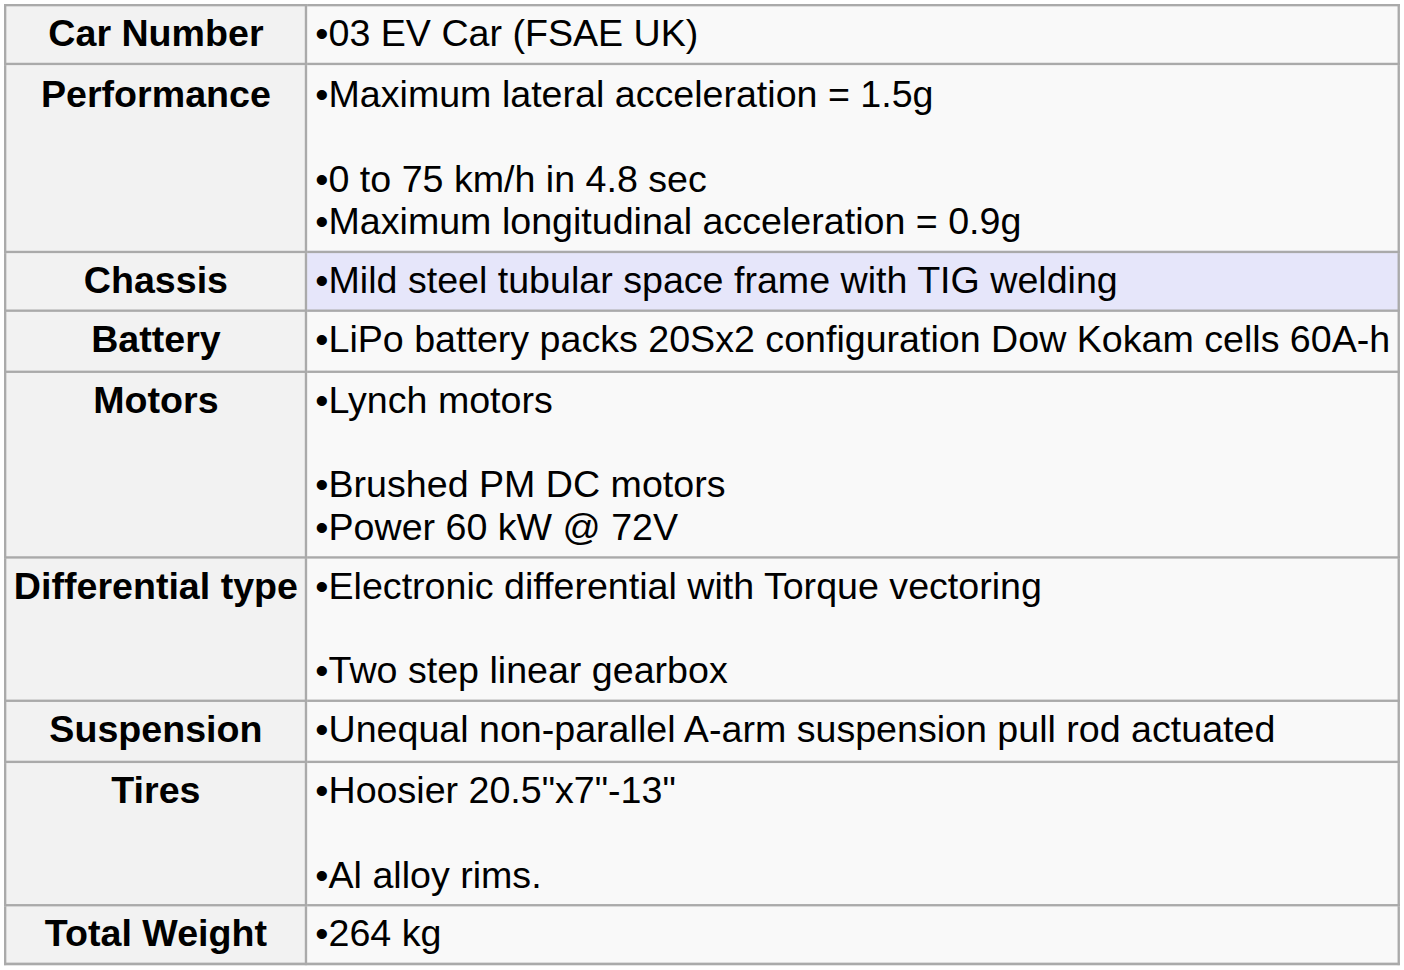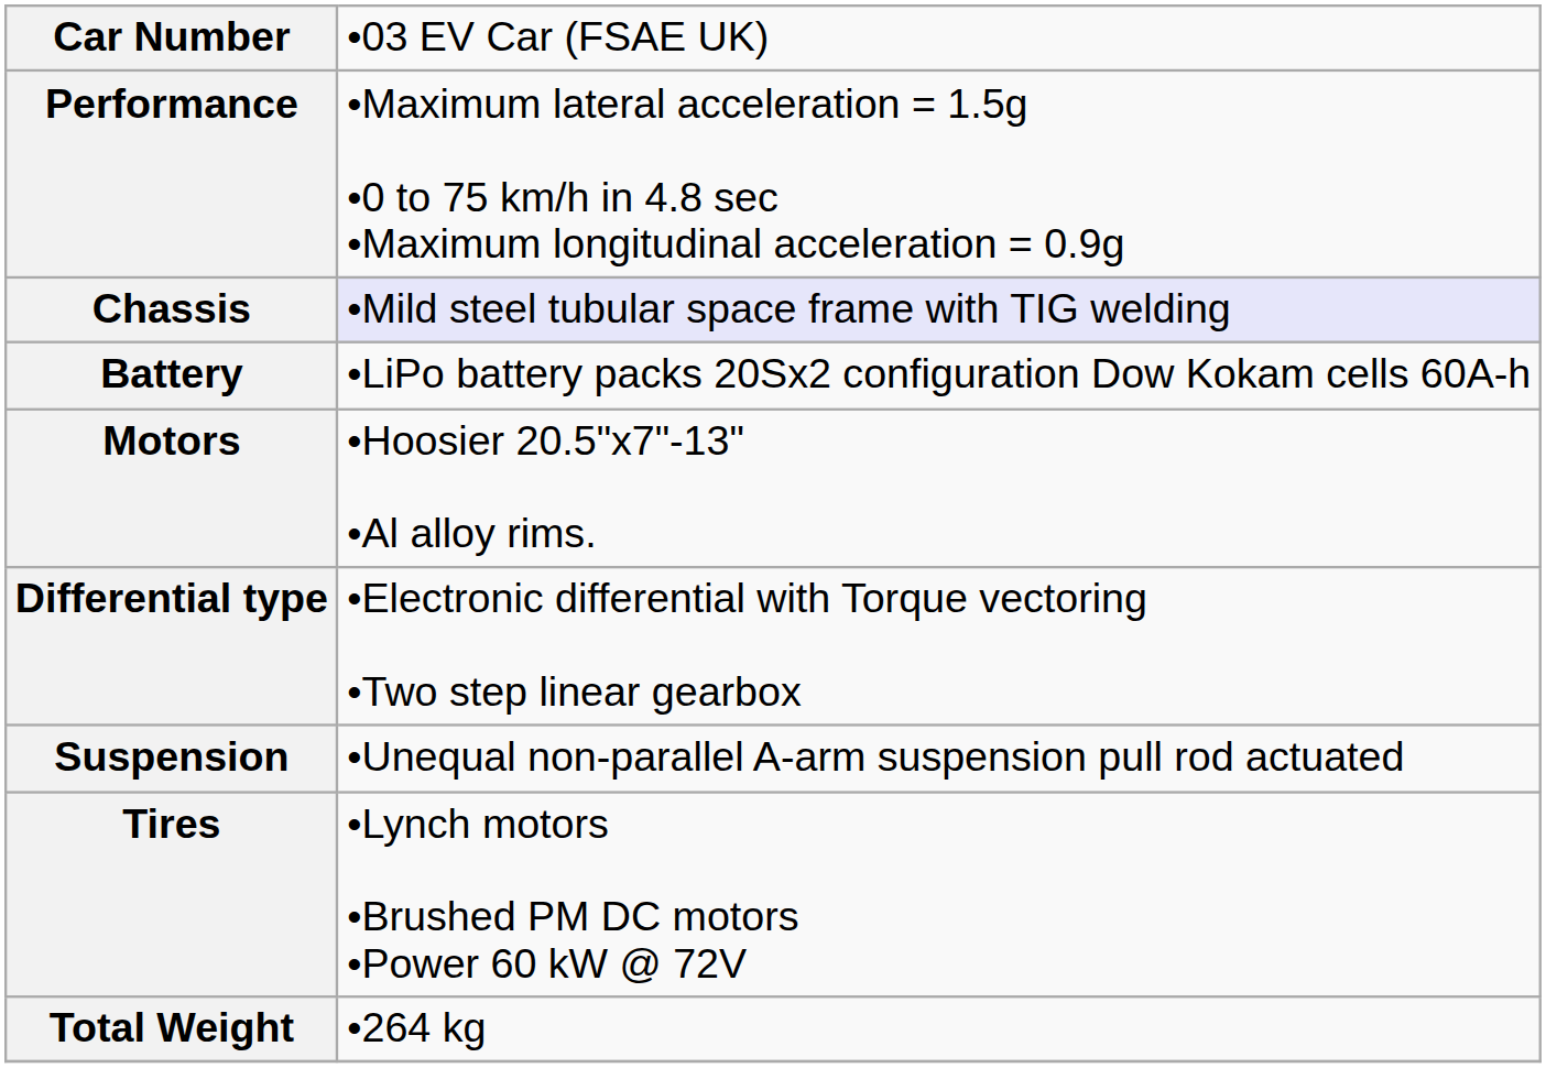 <table class="wikitable">
 <tr style="vertical-align: top">
 <th>Car Number</th>
 <td>•03 EV Car (FSAE UK)</td>
 </tr>
 <tr style="vertical-align: top">
 <th>Performance</th>
 <td>•Maximum lateral acceleration = 1.5g <br><br>•0 to 75 km/h in 4.8 sec <br> •Maximum longitudinal acceleration = 0.9g <br></td>
 </tr>
 <tr style="vertical-align: top">
 <th>Chassis</th>
 <td style="background: lavender;">•Mild steel tubular space frame with TIG welding <br></td>
 </tr>
 <tr style="vertical-align: top">
 <th>Battery</th>
 <td>•LiPo battery packs 20Sx2 configuration Dow Kokam cells 60A-h<br></td>
 </tr>
 <tr style="vertical-align: top">
 <th>Motors</th>
-<td>•Lynch motors<br><br>•Brushed PM DC motors <br> •Power 60 kW @ 72V</td>
+<td>•Hoosier 20.5"x7"-13"<br><br>•Al alloy rims.</td>
 </tr>
 <tr style="vertical-align: top">
 <th>Differential type</th>
 <td>•Electronic differential with Torque vectoring<br><br>•Two step linear gearbox</td>
 </tr>
 <tr style="vertical-align: top">
 <th>Suspension</th>
 <td>•Unequal non-parallel A-arm suspension pull rod actuated<br></td>
 </tr>
 <tr style="vertical-align: top">
 <th>Tires</th>
-<td>•Hoosier 20.5"x7"-13"<br><br>•Al alloy rims.</td>
+<td>•Lynch motors<br><br>•Brushed PM DC motors <br> •Power 60 kW @ 72V</td>
 </tr>
 <tr style="vertical-align: top">
 <th>Total Weight</th>
 <td>•264 kg</td>
 </tr>
 <tr style="vertical-align: top">
 </tr>
 </table>
